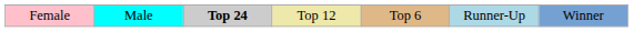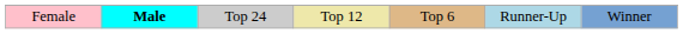 <table class="wikitable" style="margin:1em auto; text-align:center;">
 <tr>
 </tr>
 <tr>
 <td style="background:pink;" width="11%">Female</td>
-<td style="background:cyan;" width="11%">Male</td>
-<td style="background:#CCCCCC;" width="11%"><strong>Top 24</strong></td>
+<td style="background:cyan;" width="11%"><strong>Male</strong></td>
+<td style="background:#CCCCCC;" width="11%">Top 24</td>
 <td style="background:palegoldenrod;" width="11%">Top 12</td>
 <td style="background:#DEB887" width="11%">Top 6</td>
 <td style="background:lightblue" width="11%">Runner-Up</td>
 <td style="background:#75A1D2" width="11%">Winner</td>
 </tr>
 </table>
